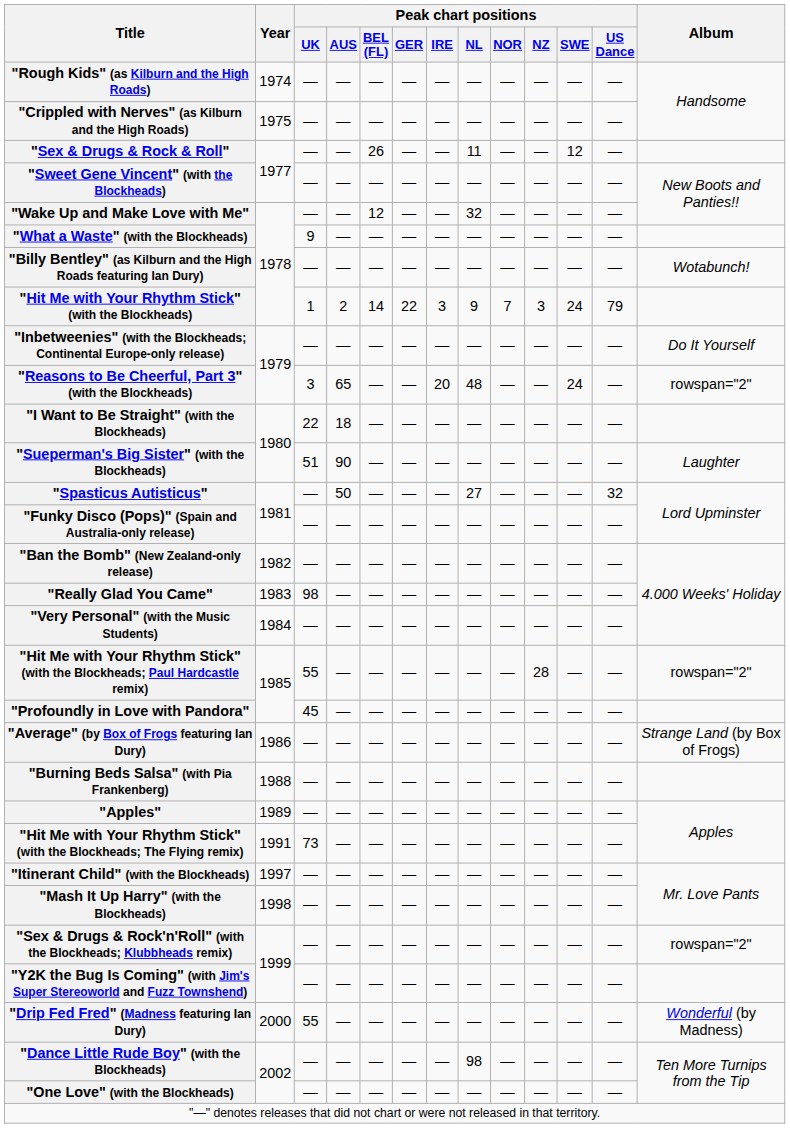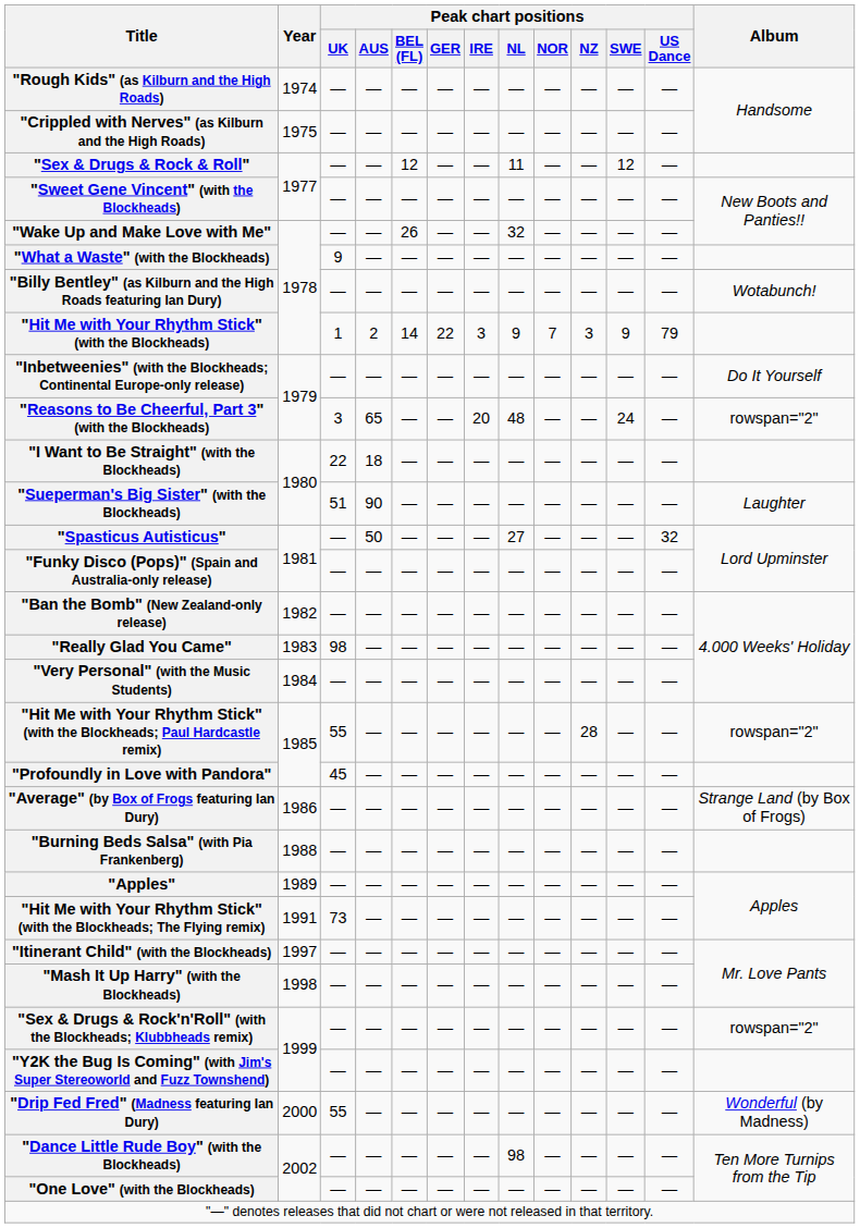 <table class="wikitable plainrowheaders" style="text-align:center;">
 <tr>
 <th rowspan="2" scope="col" style="width:17em;">Title</th>
 <th rowspan="2" scope="col" style="width:2em;">Year</th>
 <th colspan="10">Peak chart positions</th>
 <th rowspan="2">Album</th>
 </tr>
 <tr>
 <th scope="col" style="width:2em;font-size:90%;"><a href='#'>UK</a><br></th>
 <th scope="col" style="width:2em;font-size:90%;"><a href='#'>AUS</a><br></th>
 <th scope="col" style="width:2em;font-size:90%;"><a href='#'>BEL (FL)</a><br></th>
 <th scope="col" style="width:2em;font-size:90%;"><a href='#'>GER</a><br></th>
 <th scope="col" style="width:2em;font-size:90%;"><a href='#'>IRE</a><br></th>
 <th scope="col" style="width:2em;font-size:90%;"><a href='#'>NL</a><br></th>
 <th scope="col" style="width:2em;font-size:90%;"><a href='#'>NOR</a><br></th>
 <th scope="col" style="width:2em;font-size:90%;"><a href='#'>NZ</a><br></th>
 <th scope="col" style="width:2em;font-size:90%;"><a href='#'>SWE</a><br></th>
 <th scope="col" style="width:2em;font-size:90%;"><a href='#'>US Dance</a><br></th>
 </tr>
 <tr>
 <th scope="row">"Rough Kids" <small>(as <a href='#'>Kilburn and the High Roads</a>)</small></th>
 <td>1974</td>
 <td>—</td>
 <td>—</td>
 <td>—</td>
 <td>—</td>
 <td>—</td>
 <td>—</td>
 <td>—</td>
 <td>—</td>
 <td>—</td>
 <td>—</td>
 <td rowspan="2"><em>Handsome</em></td>
 </tr>
 <tr>
 <th scope="row">"Crippled with Nerves" <small>(as Kilburn and the High Roads)</small></th>
 <td>1975</td>
 <td>—</td>
 <td>—</td>
 <td>—</td>
 <td>—</td>
 <td>—</td>
 <td>—</td>
 <td>—</td>
 <td>—</td>
 <td>—</td>
 <td>—</td>
 </tr>
 <tr>
 <th scope="row">"<a href='#'>Sex & Drugs & Rock & Roll</a>"</th>
 <td rowspan="2">1977</td>
 <td>—</td>
 <td>—</td>
-<td>26</td>
+<td>12</td>
 <td>—</td>
 <td>—</td>
 <td>11</td>
 <td>—</td>
 <td>—</td>
 <td>12</td>
 <td>—</td>
 <td></td>
 </tr>
 <tr>
 <th scope="row">"<a href='#'>Sweet Gene Vincent</a>" <small>(with <a href='#'>the Blockheads</a>)</small></th>
 <td>—</td>
 <td>—</td>
 <td>—</td>
 <td>—</td>
 <td>—</td>
 <td>—</td>
 <td>—</td>
 <td>—</td>
 <td>—</td>
 <td>—</td>
 <td rowspan="2"><em>New Boots and Panties!!</em></td>
 </tr>
 <tr>
 <th scope="row">"Wake Up and Make Love with Me"</th>
 <td rowspan="4">1978</td>
 <td>—</td>
 <td>—</td>
-<td>12</td>
+<td>26</td>
 <td>—</td>
 <td>—</td>
 <td>32</td>
 <td>—</td>
 <td>—</td>
 <td>—</td>
 <td>—</td>
 </tr>
 <tr>
 <th scope="row">"<a href='#'>What a Waste</a>" <small>(with the Blockheads)</small></th>
 <td>9</td>
 <td>—</td>
 <td>—</td>
 <td>—</td>
 <td>—</td>
 <td>—</td>
 <td>—</td>
 <td>—</td>
 <td>—</td>
 <td>—</td>
 <td></td>
 </tr>
 <tr>
 <th scope="row">"Billy Bentley" <small>(as Kilburn and the High Roads featuring Ian Dury)</small></th>
 <td>—</td>
 <td>—</td>
 <td>—</td>
 <td>—</td>
 <td>—</td>
 <td>—</td>
 <td>—</td>
 <td>—</td>
 <td>—</td>
 <td>—</td>
 <td><em>Wotabunch!</em></td>
 </tr>
 <tr>
 <th scope="row">"<a href='#'>Hit Me with Your Rhythm Stick</a>" <small>(with the Blockheads)</small></th>
 <td>1</td>
 <td>2</td>
 <td>14</td>
 <td>22</td>
 <td>3</td>
 <td>9</td>
 <td>7</td>
 <td>3</td>
-<td>24</td>
+<td>9</td>
 <td>79</td>
 <td></td>
 </tr>
 <tr>
 <th scope="row">"Inbetweenies" <small>(with the Blockheads; Continental Europe-only release)</small></th>
 <td rowspan="2">1979</td>
 <td>—</td>
 <td>—</td>
 <td>—</td>
 <td>—</td>
 <td>—</td>
 <td>—</td>
 <td>—</td>
 <td>—</td>
 <td>—</td>
 <td>—</td>
 <td><em>Do It Yourself</em></td>
 </tr>
 <tr>
 <th scope="row">"<a href='#'>Reasons to Be Cheerful, Part 3</a>" <small>(with the Blockheads)</small></th>
 <td>3</td>
 <td>65</td>
 <td>—</td>
 <td>—</td>
 <td>20</td>
 <td>48</td>
 <td>—</td>
 <td>—</td>
 <td>24</td>
 <td>—</td>
 <td>rowspan="2" </td>
 </tr>
 <tr>
 <th scope="row">"I Want to Be Straight" <small>(with the Blockheads)</small></th>
 <td rowspan="2">1980</td>
 <td>22</td>
 <td>18</td>
 <td>—</td>
 <td>—</td>
 <td>—</td>
 <td>—</td>
 <td>—</td>
 <td>—</td>
 <td>—</td>
 <td>—</td>
 </tr>
 <tr>
 <th scope="row">"<a href='#'>Sueperman's Big Sister</a>" <small>(with the Blockheads)</small></th>
 <td>51</td>
 <td>90</td>
 <td>—</td>
 <td>—</td>
 <td>—</td>
 <td>—</td>
 <td>—</td>
 <td>—</td>
 <td>—</td>
 <td>—</td>
 <td><em>Laughter</em></td>
 </tr>
 <tr>
 <th scope="row">"<a href='#'>Spasticus Autisticus</a>"</th>
 <td rowspan="2">1981</td>
 <td>—</td>
 <td>50</td>
 <td>—</td>
 <td>—</td>
 <td>—</td>
 <td>27</td>
 <td>—</td>
 <td>—</td>
 <td>—</td>
 <td>32</td>
 <td rowspan="2"><em>Lord Upminster</em></td>
 </tr>
 <tr>
 <th scope="row">"Funky Disco (Pops)" <small>(Spain and Australia-only release)</small></th>
 <td>—</td>
 <td>—</td>
 <td>—</td>
 <td>—</td>
 <td>—</td>
 <td>—</td>
 <td>—</td>
 <td>—</td>
 <td>—</td>
 <td>—</td>
 </tr>
 <tr>
 <th scope="row">"Ban the Bomb" <small>(New Zealand-only release)</small></th>
 <td>1982</td>
 <td>—</td>
 <td>—</td>
 <td>—</td>
 <td>—</td>
 <td>—</td>
 <td>—</td>
 <td>—</td>
 <td>—</td>
 <td>—</td>
 <td>—</td>
 <td rowspan="3"><em>4.000 Weeks' Holiday</em></td>
 </tr>
 <tr>
 <th scope="row">"Really Glad You Came"</th>
 <td>1983</td>
 <td>98</td>
 <td>—</td>
 <td>—</td>
 <td>—</td>
 <td>—</td>
 <td>—</td>
 <td>—</td>
 <td>—</td>
 <td>—</td>
 <td>—</td>
 </tr>
 <tr>
 <th scope="row">"Very Personal" <small>(with the Music Students)</small></th>
 <td>1984</td>
 <td>—</td>
 <td>—</td>
 <td>—</td>
 <td>—</td>
 <td>—</td>
 <td>—</td>
 <td>—</td>
 <td>—</td>
 <td>—</td>
 <td>—</td>
 </tr>
 <tr>
 <th scope="row">"Hit Me with Your Rhythm Stick" <small>(with the Blockheads; <a href='#'>Paul Hardcastle</a> remix)</small></th>
 <td rowspan="2">1985</td>
 <td>55</td>
 <td>—</td>
 <td>—</td>
 <td>—</td>
 <td>—</td>
 <td>—</td>
 <td>—</td>
 <td>28</td>
 <td>—</td>
 <td>—</td>
 <td>rowspan="2" </td>
 </tr>
 <tr>
 <th scope="row">"Profoundly in Love with Pandora"</th>
 <td>45</td>
 <td>—</td>
 <td>—</td>
 <td>—</td>
 <td>—</td>
 <td>—</td>
 <td>—</td>
 <td>—</td>
 <td>—</td>
 <td>—</td>
 </tr>
 <tr>
 <th scope="row">"Average" <small>(by <a href='#'>Box of Frogs</a> featuring Ian Dury)</small></th>
 <td>1986</td>
 <td>—</td>
 <td>—</td>
 <td>—</td>
 <td>—</td>
 <td>—</td>
 <td>—</td>
 <td>—</td>
 <td>—</td>
 <td>—</td>
 <td>—</td>
 <td><em>Strange Land</em> (by Box of Frogs)</td>
 </tr>
 <tr>
 <th scope="row">"Burning Beds Salsa" <small>(with Pia Frankenberg)</small></th>
 <td>1988</td>
 <td>—</td>
 <td>—</td>
 <td>—</td>
 <td>—</td>
 <td>—</td>
 <td>—</td>
 <td>—</td>
 <td>—</td>
 <td>—</td>
 <td>—</td>
 <td></td>
 </tr>
 <tr>
 <th scope="row">"Apples"</th>
 <td>1989</td>
 <td>—</td>
 <td>—</td>
 <td>—</td>
 <td>—</td>
 <td>—</td>
 <td>—</td>
 <td>—</td>
 <td>—</td>
 <td>—</td>
 <td>—</td>
 <td rowspan="2"><em>Apples</em></td>
 </tr>
 <tr>
 <th scope="row">"Hit Me with Your Rhythm Stick" <small>(with the Blockheads; The Flying remix)</small></th>
 <td>1991</td>
 <td>73</td>
 <td>—</td>
 <td>—</td>
 <td>—</td>
 <td>—</td>
 <td>—</td>
 <td>—</td>
 <td>—</td>
 <td>—</td>
 <td>—</td>
 </tr>
 <tr>
 <th scope="row">"Itinerant Child" <small>(with the Blockheads)</small></th>
 <td>1997</td>
 <td>—</td>
 <td>—</td>
 <td>—</td>
 <td>—</td>
 <td>—</td>
 <td>—</td>
 <td>—</td>
 <td>—</td>
 <td>—</td>
 <td>—</td>
 <td rowspan="2"><em>Mr. Love Pants</em></td>
 </tr>
 <tr>
 <th scope="row">"Mash It Up Harry" <small>(with the Blockheads)</small></th>
 <td>1998</td>
 <td>—</td>
 <td>—</td>
 <td>—</td>
 <td>—</td>
 <td>—</td>
 <td>—</td>
 <td>—</td>
 <td>—</td>
 <td>—</td>
 <td>—</td>
 </tr>
 <tr>
 <th scope="row">"Sex & Drugs & Rock'n'Roll" <small>(with the Blockheads; <a href='#'>Klubbheads</a> remix)</small></th>
 <td rowspan="2">1999</td>
 <td>—</td>
 <td>—</td>
 <td>—</td>
 <td>—</td>
 <td>—</td>
 <td>—</td>
 <td>—</td>
 <td>—</td>
 <td>—</td>
 <td>—</td>
 <td>rowspan="2" </td>
 </tr>
 <tr>
 <th scope="row">"Y2K the Bug Is Coming" <small>(with <a href='#'>Jim's Super Stereoworld</a> and <a href='#'>Fuzz Townshend</a>)</small></th>
 <td>—</td>
 <td>—</td>
 <td>—</td>
 <td>—</td>
 <td>—</td>
 <td>—</td>
 <td>—</td>
 <td>—</td>
 <td>—</td>
 <td>—</td>
 </tr>
 <tr>
 <th scope="row">"<a href='#'>Drip Fed Fred</a>" <small>(<a href='#'>Madness</a> featuring Ian Dury)</small></th>
 <td>2000</td>
 <td>55</td>
 <td>—</td>
 <td>—</td>
 <td>—</td>
 <td>—</td>
 <td>—</td>
 <td>—</td>
 <td>—</td>
 <td>—</td>
 <td>—</td>
 <td><em><a href='#'>Wonderful</a></em> (by Madness)</td>
 </tr>
 <tr>
 <th scope="row">"<a href='#'>Dance Little Rude Boy</a>" <small>(with the Blockheads)</small></th>
 <td rowspan="2">2002</td>
 <td>—</td>
 <td>—</td>
 <td>—</td>
 <td>—</td>
 <td>—</td>
 <td>98</td>
 <td>—</td>
 <td>—</td>
 <td>—</td>
 <td>—</td>
 <td rowspan="2"><em>Ten More Turnips from the Tip</em></td>
 </tr>
 <tr>
 <th scope="row">"One Love" <small>(with the Blockheads)</small></th>
 <td>—</td>
 <td>—</td>
 <td>—</td>
 <td>—</td>
 <td>—</td>
 <td>—</td>
 <td>—</td>
 <td>—</td>
 <td>—</td>
 <td>—</td>
 </tr>
 <tr>
 <td colspan="13" style="font-size:85%">"—" denotes releases that did not chart or were not released in that territory.</td>
 </tr>
 </table>
